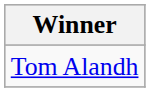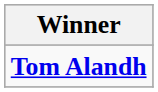 <table class="wikitable">
 <tr>
 <th>Winner</th>
 </tr>
 <tr>
-<td><a href='#'>Tom Alandh</a></td>
+<td><strong><a href='#'>Tom Alandh</a></strong></td>
 </tr>
 </table>
